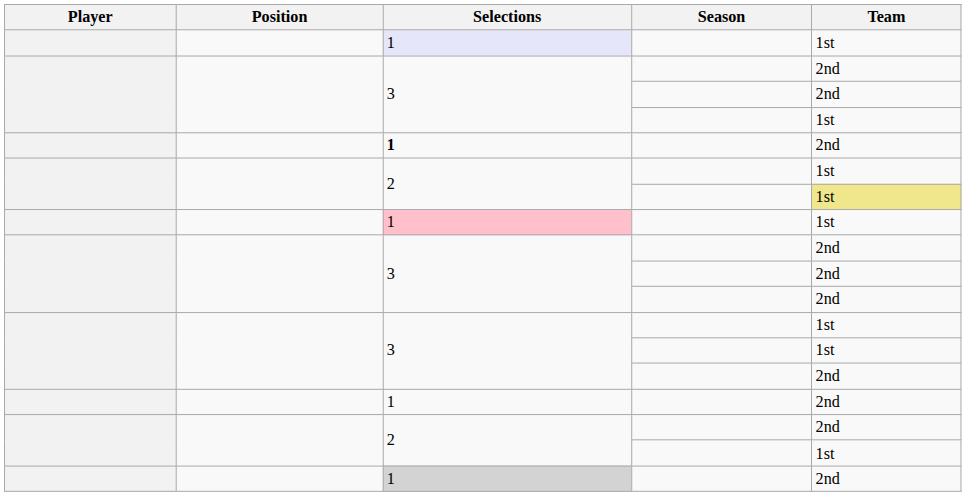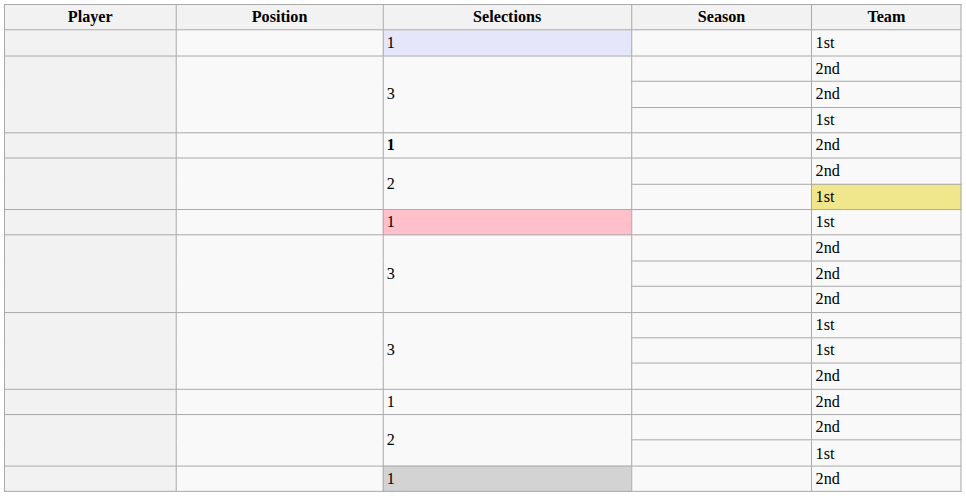 <table class="wikitable sortable" width="75%">
 <tr>
 <th scope="col">Player</th>
 <th scope="col">Position</th>
 <th scope="col">Selections</th>
 <th scope="col">Season</th>
 <th scope="col">Team</th>
 </tr>
 <tr>
 <th scope="row"></th>
 <td></td>
 <td style="background: lavender;">1</td>
 <td></td>
 <td>1st</td>
 </tr>
 <tr>
 <th scope="row" rowspan="3"></th>
 <td rowspan="3"></td>
 <td rowspan="3">3</td>
 <td></td>
 <td>2nd</td>
 </tr>
 <tr>
 <td></td>
 <td>2nd</td>
 </tr>
 <tr>
 <td></td>
 <td>1st</td>
 </tr>
 <tr>
 <th scope="row"></th>
 <td></td>
 <td><strong>1</strong></td>
 <td></td>
 <td>2nd</td>
 </tr>
 <tr>
 <th scope="row" rowspan="2"></th>
 <td rowspan="2"></td>
 <td rowspan="2">2</td>
 <td></td>
-<td>1st</td>
+<td>2nd</td>
 </tr>
 <tr>
 <td></td>
 <td style="background: khaki;">1st</td>
 </tr>
 <tr>
 <th scope="row"></th>
 <td></td>
 <td style="background: pink;">1</td>
 <td></td>
 <td>1st</td>
 </tr>
 <tr>
 <th scope="row" rowspan="3"></th>
 <td rowspan="3"></td>
 <td rowspan="3">3</td>
 <td></td>
 <td>2nd</td>
 </tr>
 <tr>
 <td></td>
 <td>2nd</td>
 </tr>
 <tr>
 <td></td>
 <td>2nd</td>
 </tr>
 <tr>
 <th scope="row" rowspan="3"></th>
 <td rowspan="3"></td>
 <td rowspan="3">3</td>
 <td></td>
 <td>1st</td>
 </tr>
 <tr>
 <td></td>
 <td>1st</td>
 </tr>
 <tr>
 <td></td>
 <td>2nd</td>
 </tr>
 <tr>
 <th scope="row"></th>
 <td></td>
 <td>1</td>
 <td></td>
 <td>2nd</td>
 </tr>
 <tr>
 <th scope="row" rowspan="2"></th>
 <td rowspan="2"></td>
 <td rowspan="2">2</td>
 <td></td>
 <td>2nd</td>
 </tr>
 <tr>
 <td></td>
 <td>1st</td>
 </tr>
 <tr>
 <th scope="row"></th>
 <td></td>
 <td style="background: lightgrey;">1</td>
 <td></td>
 <td>2nd</td>
 </tr>
 </table>
